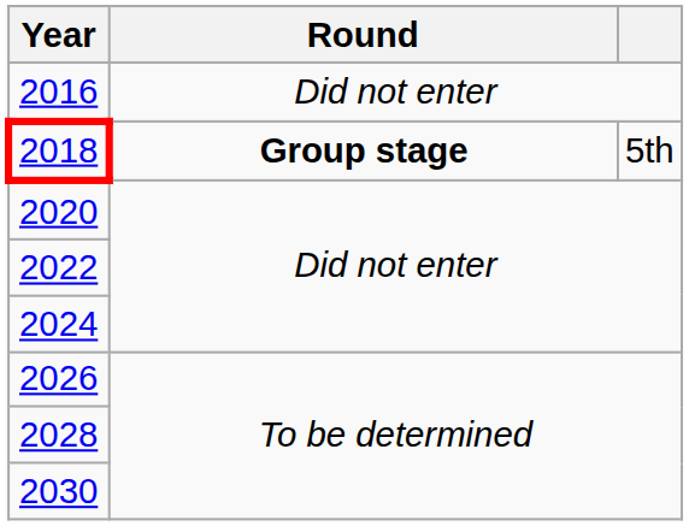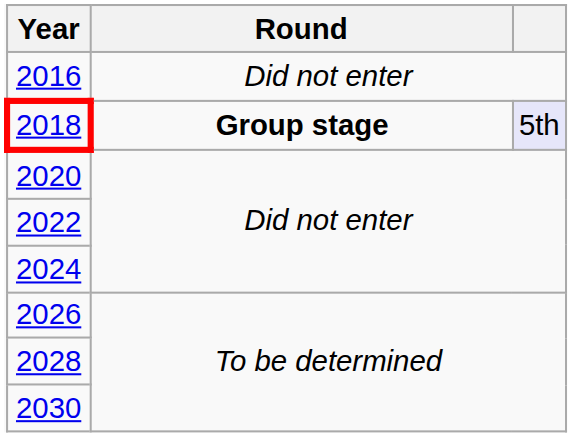 <table class="wikitable" style="text-align: center; font-size:90%">
 <tr>
 <th>Year</th>
 <th style="width:200px">Round</th>
 <th></th>
 </tr>
 <tr>
 <td><a href='#'>2016</a></td>
 <td colspan="2"><em>Did not enter</em></td>
 </tr>
 <tr>
 <td style="border: 3px solid red"><a href='#'>2018</a></td>
 <td><strong>Group stage</strong></td>
-<td>5th</td>
+<td style="background: lavender;">5th</td>
 </tr>
 <tr>
 <td><a href='#'>2020</a></td>
 <td colspan="2" rowspan="3"><em>Did not enter</em></td>
 </tr>
 <tr>
 <td><a href='#'>2022</a></td>
 </tr>
 <tr>
 <td><a href='#'>2024</a></td>
 </tr>
 <tr>
 <td><a href='#'>2026</a></td>
 <td colspan="2" rowspan="3"><em>To be determined</em></td>
 </tr>
 <tr>
 <td><a href='#'>2028</a></td>
 </tr>
 <tr>
 <td><a href='#'>2030</a></td>
 </tr>
 </table>
